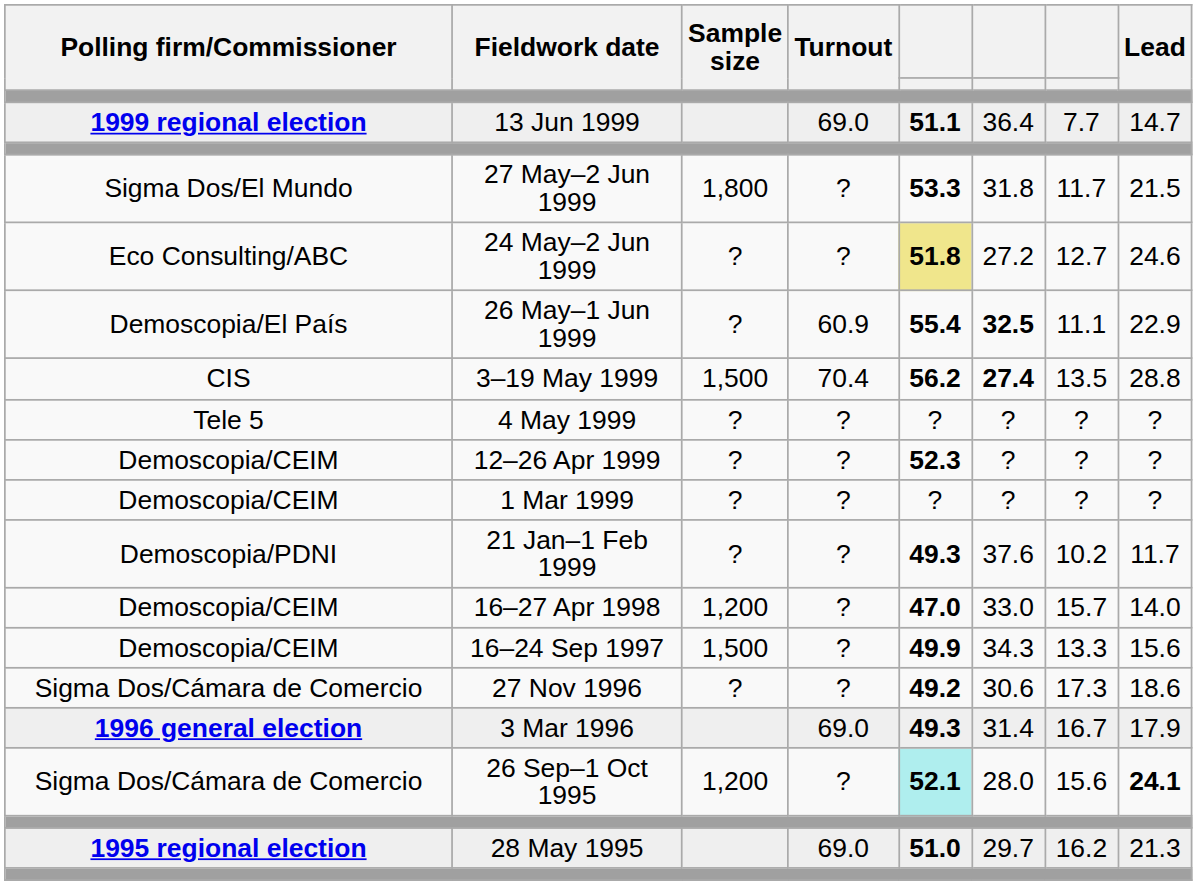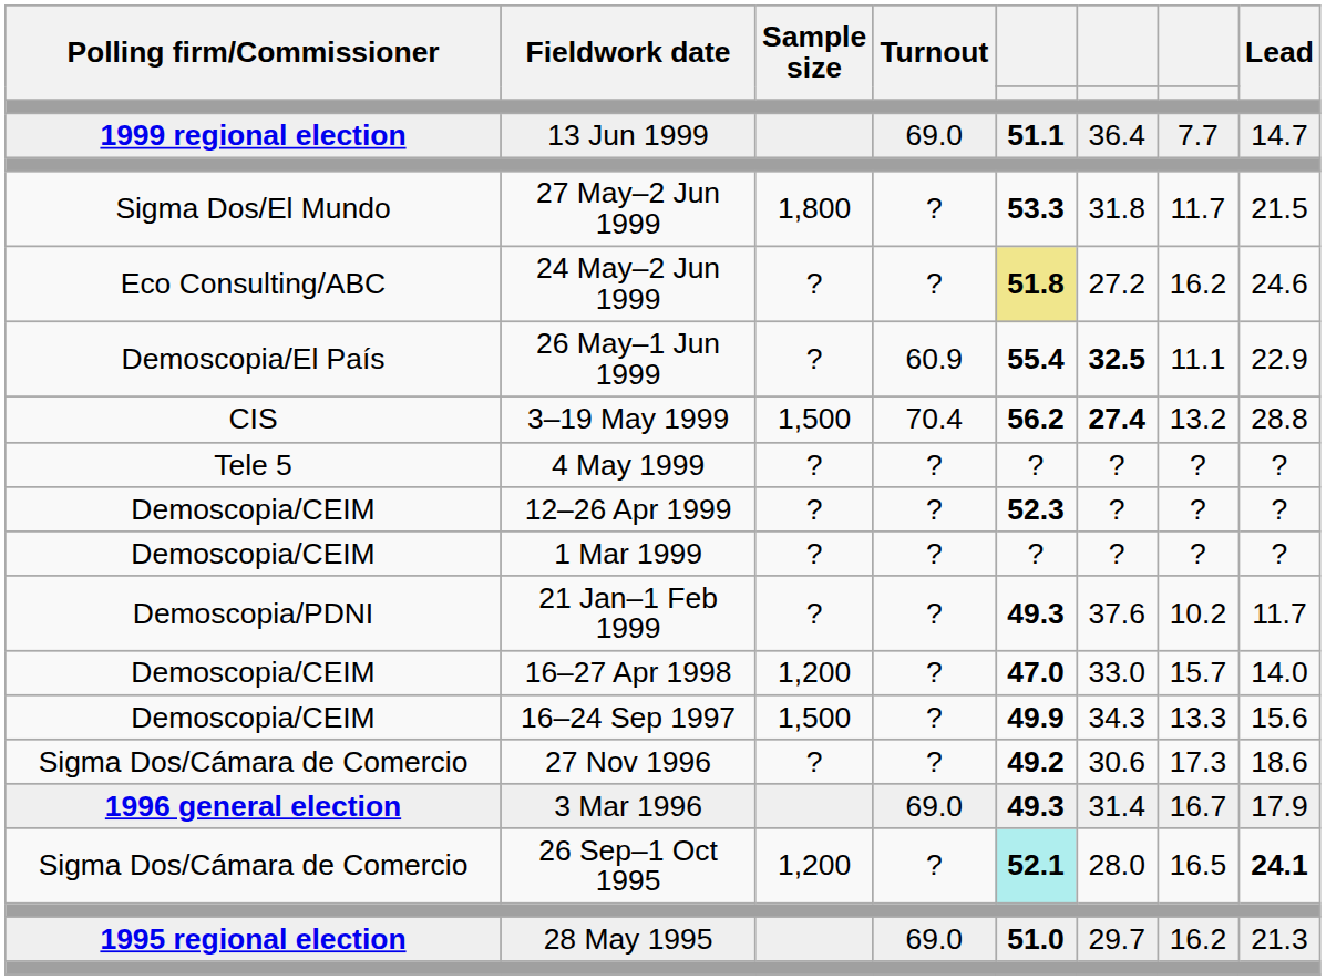 <table class="wikitable collapsible collapsed" style="text-align:center; font-size:95%; line-height:16px;">
 <tr style="height:42px;">
 <th style="width:250px;" rowspan="2">Polling firm/Commissioner</th>
 <th style="width:125px;" rowspan="2">Fieldwork date</th>
 <th style="width:50px;" rowspan="2">Sample size</th>
 <th style="width:45px;" rowspan="2">Turnout</th>
 <th style="width:35px;"></th>
 <th style="width:35px;"></th>
 <th style="width:35px;"></th>
 <th style="width:20px;" rowspan="2">Lead</th>
 </tr>
 <tr>
 <th style="color:inherit;background:"></th>
 <th style="color:inherit;background:"></th>
 <th style="color:inherit;background:"></th>
 </tr>
 <tr>
 <td colspan="8" style="background:#A0A0A0"></td>
 </tr>
 <tr style="background:#EFEFEF;">
 <td><strong><a href='#'>1999 regional election</a></strong></td>
 <td>13 Jun 1999</td>
 <td></td>
 <td>69.0</td>
 <td><strong>51.1</strong><br></td>
 <td>36.4<br></td>
 <td>7.7<br></td>
 <td style="background:">14.7</td>
 </tr>
 <tr>
 <td colspan="8" style="background:#A0A0A0"></td>
 </tr>
 <tr>
 <td>Sigma Dos/El Mundo</td>
 <td>27 May–2 Jun 1999</td>
 <td>1,800</td>
 <td>?</td>
 <td><strong>53.3</strong><br></td>
 <td>31.8<br></td>
 <td>11.7<br></td>
 <td style="background:">21.5</td>
 </tr>
 <tr>
 <td>Eco Consulting/ABC</td>
 <td>24 May–2 Jun 1999</td>
 <td>?</td>
 <td>?</td>
 <td style="background: khaki;"><strong>51.8</strong><br></td>
 <td>27.2<br></td>
-<td>12.7<br></td>
+<td>16.2<br></td>
 <td style="background:">24.6</td>
 </tr>
 <tr>
 <td>Demoscopia/El País</td>
 <td>26 May–1 Jun 1999</td>
 <td>?</td>
 <td>60.9</td>
 <td><strong>55.4</strong><br></td>
 <td><strong>32.5<br></strong></td>
 <td>11.1<br></td>
 <td style="background:">22.9</td>
 </tr>
 <tr>
 <td>CIS</td>
 <td>3–19 May 1999</td>
 <td>1,500</td>
 <td>70.4</td>
 <td><strong>56.2</strong><br></td>
 <td><strong>27.4<br></strong></td>
-<td>13.5<br></td>
+<td>13.2<br></td>
 <td style="background:">28.8</td>
 </tr>
 <tr>
 <td>Tele 5</td>
 <td>4 May 1999</td>
 <td>?</td>
 <td>?</td>
 <td>?<br></td>
 <td>?<br></td>
 <td>?<br></td>
 <td style="background:">?</td>
 </tr>
 <tr>
 <td>Demoscopia/CEIM</td>
 <td>12–26 Apr 1999</td>
 <td>?</td>
 <td>?</td>
 <td><strong>52.3</strong><br></td>
 <td>?<br></td>
 <td>?<br></td>
 <td style="background:">?</td>
 </tr>
 <tr>
 <td>Demoscopia/CEIM</td>
 <td>1 Mar 1999</td>
 <td>?</td>
 <td>?</td>
 <td>?<br></td>
 <td>?<br></td>
 <td>?<br></td>
 <td style="background:">?</td>
 </tr>
 <tr>
 <td>Demoscopia/PDNI</td>
 <td>21 Jan–1 Feb 1999</td>
 <td>?</td>
 <td>?</td>
 <td><strong>49.3</strong><br></td>
 <td>37.6<br></td>
 <td>10.2<br></td>
 <td style="background:">11.7</td>
 </tr>
 <tr>
 <td>Demoscopia/CEIM</td>
 <td>16–27 Apr 1998</td>
 <td>1,200</td>
 <td>?</td>
 <td><strong>47.0</strong></td>
 <td>33.0</td>
 <td>15.7</td>
 <td style="background:">14.0</td>
 </tr>
 <tr>
 <td>Demoscopia/CEIM</td>
 <td>16–24 Sep 1997</td>
 <td>1,500</td>
 <td>?</td>
 <td><strong>49.9</strong><br></td>
 <td>34.3<br></td>
 <td>13.3<br></td>
 <td style="background:">15.6</td>
 </tr>
 <tr>
 <td>Sigma Dos/Cámara de Comercio</td>
 <td>27 Nov 1996</td>
 <td>?</td>
 <td>?</td>
 <td><strong>49.2</strong><br></td>
 <td>30.6<br></td>
 <td>17.3<br></td>
 <td style="background:">18.6</td>
 </tr>
 <tr style="background:#EFEFEF;">
 <td><strong><a href='#'>1996 general election</a></strong></td>
 <td>3 Mar 1996</td>
 <td></td>
 <td>69.0</td>
 <td><strong>49.3</strong><br></td>
 <td>31.4<br></td>
 <td>16.7<br></td>
 <td style="background:">17.9</td>
 </tr>
 <tr>
 <td>Sigma Dos/Cámara de Comercio</td>
 <td>26 Sep–1 Oct 1995</td>
 <td>1,200</td>
 <td>?</td>
 <td style="background: paleturquoise;"><strong>52.1</strong><br></td>
 <td>28.0<br></td>
-<td>15.6<br></td>
+<td>16.5<br></td>
 <td style="background:"><strong>24.1</strong></td>
 </tr>
 <tr>
 <td colspan="8" style="background:#A0A0A0"></td>
 </tr>
 <tr style="background:#EFEFEF;">
 <td><strong><a href='#'>1995 regional election</a></strong></td>
 <td>28 May 1995</td>
 <td></td>
 <td>69.0</td>
 <td><strong>51.0</strong><br></td>
 <td>29.7<br></td>
 <td>16.2<br></td>
 <td style="background:">21.3</td>
 </tr>
 <tr>
 <td colspan="8" style="background:#A0A0A0"></td>
 </tr>
 </table>
